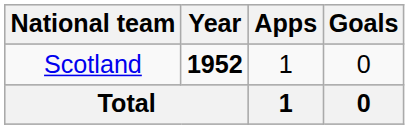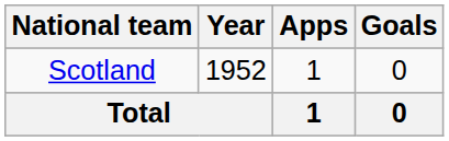 <table class=wikitable style=text-align:center>
 <tr>
 <th>National team</th>
 <th>Year</th>
 <th>Apps</th>
 <th>Goals</th>
 </tr>
 <tr>
 <td rowspan=1><a href='#'>Scotland</a></td>
-<td><strong>1952</strong></td>
+<td>1952</td>
 <td>1</td>
 <td>0</td>
 </tr>
 <tr>
 <th colspan=2>Total</th>
 <th>1</th>
 <th>0</th>
 </tr>
 </table>
